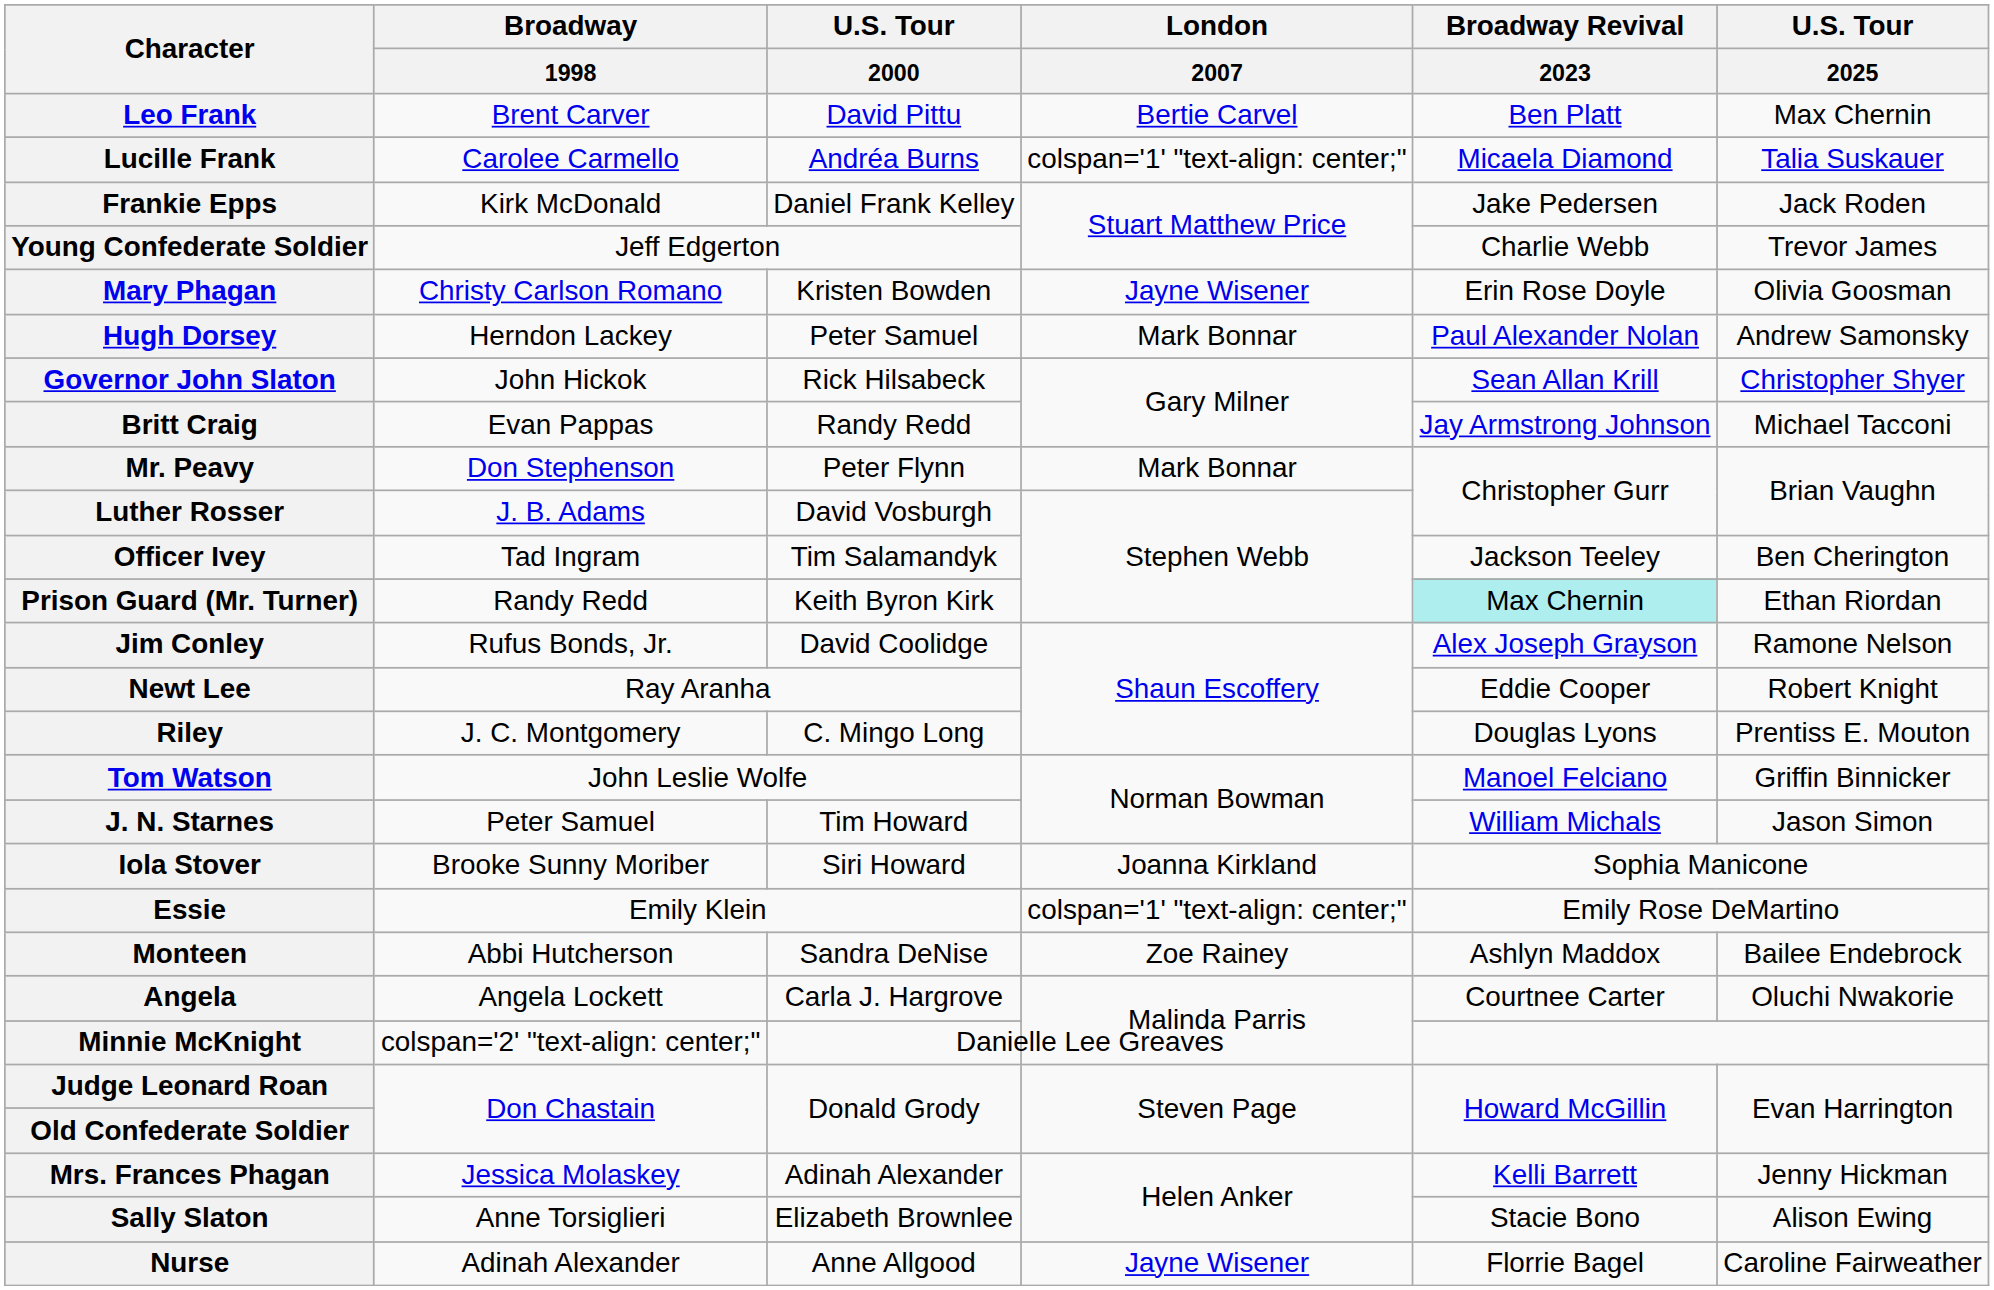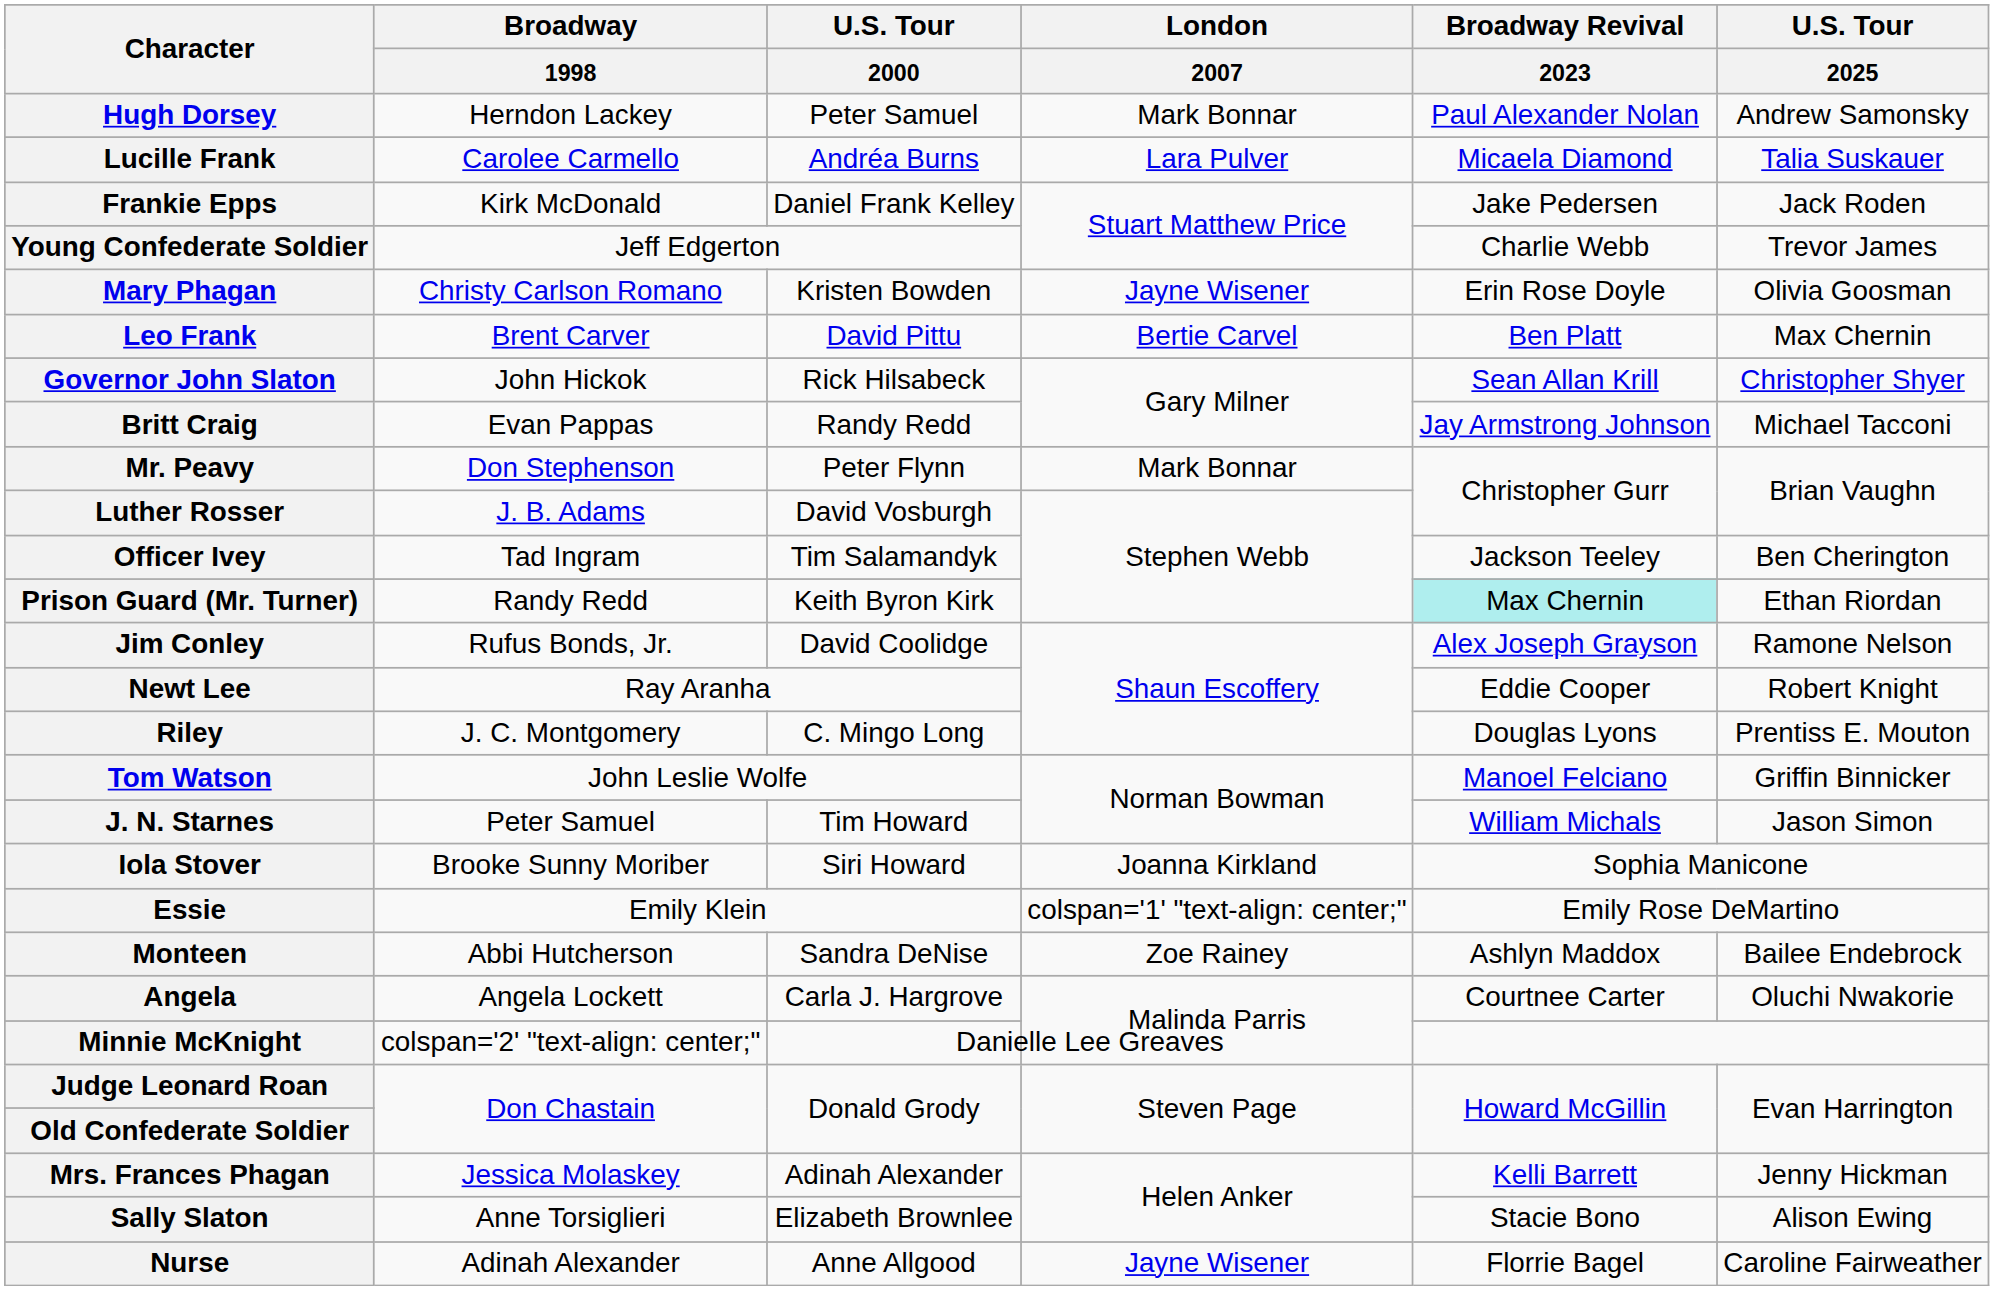 <table class="wikitable" style="width:1000;">
 <tr>
 <th rowspan="2">Character</th>
 <th>Broadway</th>
 <th>U.S. Tour</th>
 <th>London</th>
 <th>Broadway Revival</th>
 <th>U.S. Tour</th>
 </tr>
 <tr>
 <th><small>1998</small></th>
 <th><small>2000</small></th>
 <th><small>2007</small></th>
 <th><small>2023</small></th>
 <th><small>2025</small></th>
 </tr>
 <tr>
-<th><a href='#'>Leo Frank</a></th>
-<td colspan="1" align="center"><a href='#'>Brent Carver</a></td>
-<td colspan="1" align="center"><a href='#'>David Pittu</a></td>
-<td colspan="1" align="center"><a href='#'>Bertie Carvel</a></td>
-<td colspan="1" align="center"><a href='#'>Ben Platt</a></td>
-<td colspan="1" align="center">Max Chernin</td>
+<th><a href='#'>Hugh Dorsey</a></th>
+<td colspan='1' align=center>Herndon Lackey</td>
+<td colspan='1' align=center>Peter Samuel</td>
+<td colspan='1' align=center>Mark Bonnar</td>
+<td colspan="1" align="center"><a href='#'>Paul Alexander Nolan</a></td>
+<td colspan="1" align="center">Andrew Samonsky</td>
 </tr>
 <tr>
 <th>Lucille Frank</th>
 <td colspan='1' align=center><a href='#'>Carolee Carmello</a></td>
 <td colspan='1' align=center><a href='#'>Andréa Burns</a></td>
-<td>colspan='1' "text-align: center;" </td>
+<td colspan='1' align=center><a href='#'>Lara Pulver</a></td>
 <td colspan="1" align="center"><a href='#'>Micaela Diamond</a></td>
 <td colspan="1" align="center"><a href='#'>Talia Suskauer</a></td>
 </tr>
 <tr>
 <th>Frankie Epps</th>
 <td colspan='1' align=center>Kirk McDonald</td>
 <td colspan='1' align=center>Daniel Frank Kelley</td>
 <td rowspan='2' align=center><a href='#'>Stuart Matthew Price</a></td>
 <td colspan="1" align="center">Jake Pedersen</td>
 <td colspan="1" align="center">Jack Roden</td>
 </tr>
 <tr>
 <th>Young Confederate Soldier</th>
 <td colspan='2' align=center>Jeff Edgerton</td>
 <td colspan="1" align="center">Charlie Webb</td>
 <td colspan="1" align="center">Trevor James</td>
 </tr>
 <tr>
 <th><a href='#'>Mary Phagan</a></th>
 <td colspan='1' align=center><a href='#'>Christy Carlson Romano</a></td>
 <td colspan='1' align=center>Kristen Bowden</td>
 <td colspan='1' align=center><a href='#'>Jayne Wisener</a></td>
 <td colspan="1" align="center">Erin Rose Doyle</td>
 <td colspan="1" align="center">Olivia Goosman</td>
 </tr>
 <tr>
-<th><a href='#'>Hugh Dorsey</a></th>
-<td colspan='1' align=center>Herndon Lackey</td>
-<td colspan='1' align=center>Peter Samuel</td>
-<td colspan='1' align=center>Mark Bonnar</td>
-<td colspan="1" align="center"><a href='#'>Paul Alexander Nolan</a></td>
-<td colspan="1" align="center">Andrew Samonsky</td>
+<th><a href='#'>Leo Frank</a></th>
+<td colspan="1" align="center"><a href='#'>Brent Carver</a></td>
+<td colspan="1" align="center"><a href='#'>David Pittu</a></td>
+<td colspan="1" align="center"><a href='#'>Bertie Carvel</a></td>
+<td colspan="1" align="center"><a href='#'>Ben Platt</a></td>
+<td colspan="1" align="center">Max Chernin</td>
 </tr>
 <tr>
 <th><a href='#'>Governor John Slaton</a></th>
 <td colspan='1' align=center>John Hickok</td>
 <td colspan='1' align=center>Rick Hilsabeck</td>
 <td rowspan='2' align=center>Gary Milner</td>
 <td colspan="1" align="center"><a href='#'>Sean Allan Krill</a></td>
 <td colspan="1" align="center"><a href='#'>Christopher Shyer</a></td>
 </tr>
 <tr>
 <th>Britt Craig</th>
 <td colspan='1' align=center>Evan Pappas</td>
 <td colspan='1' align=center>Randy Redd</td>
 <td colspan="1" align="center"><a href='#'>Jay Armstrong Johnson</a></td>
 <td colspan="1" align="center">Michael Tacconi</td>
 </tr>
 <tr>
 <th>Mr. Peavy</th>
 <td colspan='1' align=center><a href='#'>Don Stephenson</a></td>
 <td colspan='1' align=center>Peter Flynn</td>
 <td colspan='1' align=center>Mark Bonnar</td>
 <td rowspan="2" align="center">Christopher Gurr</td>
 <td rowspan="2" align="center">Brian Vaughn</td>
 </tr>
 <tr>
 <th>Luther Rosser</th>
 <td colspan='1' align=center><a href='#'>J. B. Adams</a></td>
 <td colspan='1' align=center>David Vosburgh</td>
 <td rowspan='3' align=center>Stephen Webb</td>
 </tr>
 <tr>
 <th>Officer Ivey</th>
 <td colspan='1' align=center>Tad Ingram</td>
 <td colspan='1' align=center>Tim Salamandyk</td>
 <td colspan="1" align="center">Jackson Teeley</td>
 <td colspan="1" align="center">Ben Cherington</td>
 </tr>
 <tr>
 <th>Prison Guard (Mr. Turner)</th>
 <td colspan='1' align=center>Randy Redd</td>
 <td colspan='1' align=center>Keith Byron Kirk</td>
 <td colspan=‘1’ align=center style="background: paleturquoise;">Max Chernin</td>
 <td colspan="1" align="center">Ethan Riordan</td>
 </tr>
 <tr>
 <th>Jim Conley</th>
 <td colspan='1' align=center>Rufus Bonds, Jr.</td>
 <td colspan='1' align=center>David Coolidge</td>
 <td rowspan='3' align=center><a href='#'>Shaun Escoffery</a></td>
 <td colspan="1" align="center"><a href='#'>Alex Joseph Grayson</a></td>
 <td colspan="1" align="center">Ramone Nelson</td>
 </tr>
 <tr>
 <th>Newt Lee</th>
 <td colspan='2' align=center>Ray Aranha</td>
 <td colspan="1" align="center">Eddie Cooper</td>
 <td colspan="1" align="center">Robert Knight</td>
 </tr>
 <tr>
 <th>Riley</th>
 <td colspan='1' align=center>J. C. Montgomery</td>
 <td colspan='1' align=center>C. Mingo Long</td>
 <td colspan="1" align="center">Douglas Lyons</td>
 <td colspan="1" align="center">Prentiss E. Mouton</td>
 </tr>
 <tr>
 <th><a href='#'>Tom Watson</a></th>
 <td colspan='2' align=center>John Leslie Wolfe</td>
 <td rowspan='2' align=center>Norman Bowman</td>
 <td colspan="1" align="center"><a href='#'>Manoel Felciano</a></td>
 <td colspan="1" align="center">Griffin Binnicker</td>
 </tr>
 <tr>
 <th>J. N. Starnes</th>
 <td colspan='1' align=center>Peter Samuel</td>
 <td colspan='1' align=center>Tim Howard</td>
 <td colspan="1" align="center"><a href='#'>William Michals</a></td>
 <td colspan="1" align="center">Jason Simon</td>
 </tr>
 <tr>
 <th>Iola Stover</th>
 <td colspan='1' align=center>Brooke Sunny Moriber</td>
 <td colspan='1' align=center>Siri Howard</td>
 <td colspan='1' align=center>Joanna Kirkland</td>
 <td colspan="2" align="center">Sophia Manicone</td>
 </tr>
 <tr>
 <th>Essie</th>
 <td colspan='2' align=center>Emily Klein</td>
 <td>colspan='1' "text-align: center;" </td>
 <td colspan="2" align="center">Emily Rose DeMartino</td>
 </tr>
 <tr>
 <th>Monteen</th>
 <td colspan='1' align=center>Abbi Hutcherson</td>
 <td colspan='1' align=center>Sandra DeNise</td>
 <td colspan='1' align=center>Zoe Rainey</td>
 <td colspan="1" align="center">Ashlyn Maddox</td>
 <td colspan="1" align="center">Bailee Endebrock</td>
 </tr>
 <tr>
 <th>Angela</th>
 <td colspan='1' align=center>Angela Lockett</td>
 <td colspan='1' align=center>Carla J. Hargrove</td>
 <td rowspan='2' align=center>Malinda Parris</td>
 <td colspan="1" align="center">Courtnee Carter</td>
 <td colspan="1" align="center">Oluchi Nwakorie</td>
 </tr>
 <tr>
 <th>Minnie McKnight</th>
 <td>colspan='2' "text-align: center;" </td>
 <td colspan="2" align="center">Danielle Lee Greaves</td>
 </tr>
 <tr>
 <th>Judge Leonard Roan</th>
 <td rowspan='2' align=center><a href='#'>Don Chastain</a></td>
 <td rowspan='2' align=center>Donald Grody</td>
 <td rowspan='2' align=center>Steven Page</td>
 <td rowspan="2" align="center"><a href='#'>Howard McGillin</a></td>
 <td rowspan='2' align=center>Evan Harrington</td>
 </tr>
 <tr>
 <th>Old Confederate Soldier</th>
 </tr>
 <tr>
 <th>Mrs. Frances Phagan</th>
 <td colspan='1' align=center><a href='#'>Jessica Molaskey</a></td>
 <td colspan='1' align=center>Adinah Alexander</td>
 <td rowspan='2' align=center>Helen Anker</td>
 <td colspan="1" align="center"><a href='#'>Kelli Barrett</a></td>
 <td colspan='1' align=center>Jenny Hickman</td>
 </tr>
 <tr>
 <th>Sally Slaton</th>
 <td colspan='1' align=center>Anne Torsiglieri</td>
 <td colspan='1' align=center>Elizabeth Brownlee</td>
 <td colspan="1" align="center">Stacie Bono</td>
 <td colspan="1" align="center">Alison Ewing</td>
 </tr>
 <tr>
 <th>Nurse</th>
 <td colspan='1' align=center>Adinah Alexander</td>
 <td colspan='1' align=center>Anne Allgood</td>
 <td colspan='1' align=center><a href='#'>Jayne Wisener</a></td>
 <td colspan="1" align="center">Florrie Bagel</td>
 <td colspan="1" align="center">Caroline Fairweather</td>
 </tr>
 </table>
